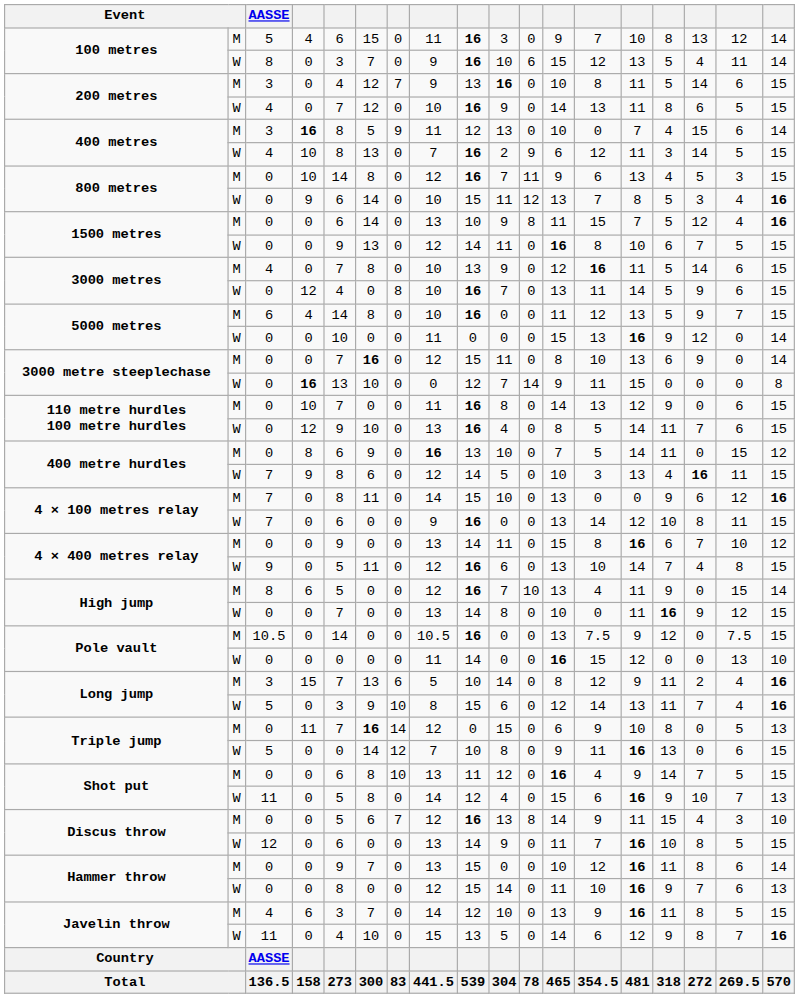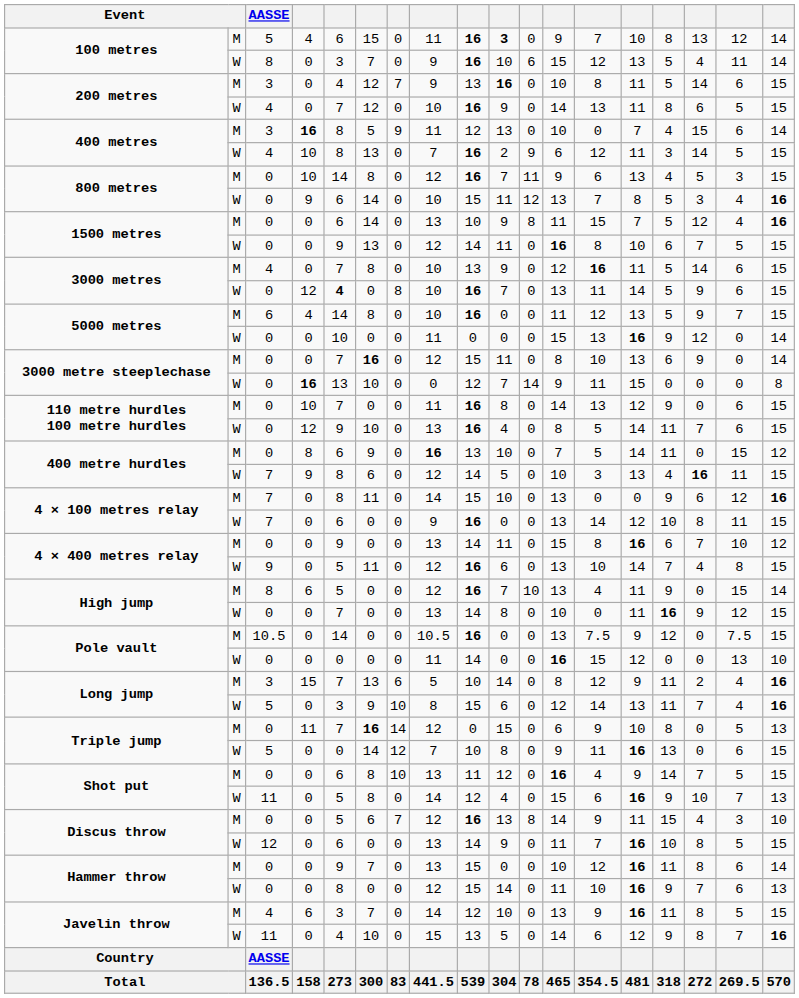 <table class="wikitable sortable" style="background-color: #f9f9f9; font-size: 90%; text-align: center">
 <tr>
 <th width=200 colspan=2>Event</th>
 <th> <a href='#'>AASSE</a></th>
 <th></th>
 <th></th>
 <th></th>
 <th></th>
 <th></th>
 <th></th>
 <th></th>
 <th></th>
 <th></th>
 <th></th>
 <th></th>
 <th></th>
 <th></th>
 <th></th>
 <th></th>
 </tr>
 <tr>
 <td rowspan=2><strong>100 metres</strong></td>
 <td>M</td>
 <td>5</td>
 <td>4</td>
 <td>6</td>
 <td>15</td>
 <td>0</td>
 <td>11</td>
 <td><strong>16</strong></td>
-<td>3</td>
+<td><strong>3</strong></td>
 <td>0</td>
 <td>9</td>
 <td>7</td>
 <td>10</td>
 <td>8</td>
 <td>13</td>
 <td>12</td>
 <td>14</td>
 </tr>
 <tr>
 <td>W</td>
 <td>8</td>
 <td>0</td>
 <td>3</td>
 <td>7</td>
 <td>0</td>
 <td>9</td>
 <td><strong>16</strong></td>
 <td>10</td>
 <td>6</td>
 <td>15</td>
 <td>12</td>
 <td>13</td>
 <td>5</td>
 <td>4</td>
 <td>11</td>
 <td>14</td>
 </tr>
 <tr>
 <td rowspan=2><strong>200 metres</strong></td>
 <td>M</td>
 <td>3</td>
 <td>0</td>
 <td>4</td>
 <td>12</td>
 <td>7</td>
 <td>9</td>
 <td>13</td>
 <td><strong>16</strong></td>
 <td>0</td>
 <td>10</td>
 <td>8</td>
 <td>11</td>
 <td>5</td>
 <td>14</td>
 <td>6</td>
 <td>15</td>
 </tr>
 <tr>
 <td>W</td>
 <td>4</td>
 <td>0</td>
 <td>7</td>
 <td>12</td>
 <td>0</td>
 <td>10</td>
 <td><strong>16</strong></td>
 <td>9</td>
 <td>0</td>
 <td>14</td>
 <td>13</td>
 <td>11</td>
 <td>8</td>
 <td>6</td>
 <td>5</td>
 <td>15</td>
 </tr>
 <tr>
 <td rowspan=2><strong>400 metres</strong></td>
 <td>M</td>
 <td>3</td>
 <td><strong>16</strong></td>
 <td>8</td>
 <td>5</td>
 <td>9</td>
 <td>11</td>
 <td>12</td>
 <td>13</td>
 <td>0</td>
 <td>10</td>
 <td>0</td>
 <td>7</td>
 <td>4</td>
 <td>15</td>
 <td>6</td>
 <td>14</td>
 </tr>
 <tr>
 <td>W</td>
 <td>4</td>
 <td>10</td>
 <td>8</td>
 <td>13</td>
 <td>0</td>
 <td>7</td>
 <td><strong>16</strong></td>
 <td>2</td>
 <td>9</td>
 <td>6</td>
 <td>12</td>
 <td>11</td>
 <td>3</td>
 <td>14</td>
 <td>5</td>
 <td>15</td>
 </tr>
 <tr>
 <td rowspan=2><strong>800 metres</strong></td>
 <td>M</td>
 <td>0</td>
 <td>10</td>
 <td>14</td>
 <td>8</td>
 <td>0</td>
 <td>12</td>
 <td><strong>16</strong></td>
 <td>7</td>
 <td>11</td>
 <td>9</td>
 <td>6</td>
 <td>13</td>
 <td>4</td>
 <td>5</td>
 <td>3</td>
 <td>15</td>
 </tr>
 <tr>
 <td>W</td>
 <td>0</td>
 <td>9</td>
 <td>6</td>
 <td>14</td>
 <td>0</td>
 <td>10</td>
 <td>15</td>
 <td>11</td>
 <td>12</td>
 <td>13</td>
 <td>7</td>
 <td>8</td>
 <td>5</td>
 <td>3</td>
 <td>4</td>
 <td><strong>16</strong></td>
 </tr>
 <tr>
 <td rowspan=2><strong>1500 metres</strong></td>
 <td>M</td>
 <td>0</td>
 <td>0</td>
 <td>6</td>
 <td>14</td>
 <td>0</td>
 <td>13</td>
 <td>10</td>
 <td>9</td>
 <td>8</td>
 <td>11</td>
 <td>15</td>
 <td>7</td>
 <td>5</td>
 <td>12</td>
 <td>4</td>
 <td><strong>16</strong></td>
 </tr>
 <tr>
 <td>W</td>
 <td>0</td>
 <td>0</td>
 <td>9</td>
 <td>13</td>
 <td>0</td>
 <td>12</td>
 <td>14</td>
 <td>11</td>
 <td>0</td>
 <td><strong>16</strong></td>
 <td>8</td>
 <td>10</td>
 <td>6</td>
 <td>7</td>
 <td>5</td>
 <td>15</td>
 </tr>
 <tr>
 <td rowspan=2><strong>3000 metres</strong></td>
 <td>M</td>
 <td>4</td>
 <td>0</td>
 <td>7</td>
 <td>8</td>
 <td>0</td>
 <td>10</td>
 <td>13</td>
 <td>9</td>
 <td>0</td>
 <td>12</td>
 <td><strong>16</strong></td>
 <td>11</td>
 <td>5</td>
 <td>14</td>
 <td>6</td>
 <td>15</td>
 </tr>
 <tr>
 <td>W</td>
 <td>0</td>
 <td>12</td>
-<td>4</td>
+<td><strong>4</strong></td>
 <td>0</td>
 <td>8</td>
 <td>10</td>
 <td><strong>16</strong></td>
 <td>7</td>
 <td>0</td>
 <td>13</td>
 <td>11</td>
 <td>14</td>
 <td>5</td>
 <td>9</td>
 <td>6</td>
 <td>15</td>
 </tr>
 <tr>
 <td rowspan=2><strong>5000 metres</strong></td>
 <td>M</td>
 <td>6</td>
 <td>4</td>
 <td>14</td>
 <td>8</td>
 <td>0</td>
 <td>10</td>
 <td><strong>16</strong></td>
 <td>0</td>
 <td>0</td>
 <td>11</td>
 <td>12</td>
 <td>13</td>
 <td>5</td>
 <td>9</td>
 <td>7</td>
 <td>15</td>
 </tr>
 <tr>
 <td>W</td>
 <td>0</td>
 <td>0</td>
 <td>10</td>
 <td>0</td>
 <td>0</td>
 <td>11</td>
 <td>0</td>
 <td>0</td>
 <td>0</td>
 <td>15</td>
 <td>13</td>
 <td><strong>16</strong></td>
 <td>9</td>
 <td>12</td>
 <td>0</td>
 <td>14</td>
 </tr>
 <tr>
 <td rowspan=2><strong>3000 metre steeplechase</strong></td>
 <td>M</td>
 <td>0</td>
 <td>0</td>
 <td>7</td>
 <td><strong>16</strong></td>
 <td>0</td>
 <td>12</td>
 <td>15</td>
 <td>11</td>
 <td>0</td>
 <td>8</td>
 <td>10</td>
 <td>13</td>
 <td>6</td>
 <td>9</td>
 <td>0</td>
 <td>14</td>
 </tr>
 <tr>
 <td>W</td>
 <td>0</td>
 <td><strong>16</strong></td>
 <td>13</td>
 <td>10</td>
 <td>0</td>
 <td>0</td>
 <td>12</td>
 <td>7</td>
 <td>14</td>
 <td>9</td>
 <td>11</td>
 <td>15</td>
 <td>0</td>
 <td>0</td>
 <td>0</td>
 <td>8</td>
 </tr>
 <tr>
 <td rowspan=2><strong>110 metre hurdles<br>100 metre hurdles</strong></td>
 <td>M</td>
 <td>0</td>
 <td>10</td>
 <td>7</td>
 <td>0</td>
 <td>0</td>
 <td>11</td>
 <td><strong>16</strong></td>
 <td>8</td>
 <td>0</td>
 <td>14</td>
 <td>13</td>
 <td>12</td>
 <td>9</td>
 <td>0</td>
 <td>6</td>
 <td>15</td>
 </tr>
 <tr>
 <td>W</td>
 <td>0</td>
 <td>12</td>
 <td>9</td>
 <td>10</td>
 <td>0</td>
 <td>13</td>
 <td><strong>16</strong></td>
 <td>4</td>
 <td>0</td>
 <td>8</td>
 <td>5</td>
 <td>14</td>
 <td>11</td>
 <td>7</td>
 <td>6</td>
 <td>15</td>
 </tr>
 <tr>
 <td rowspan=2><strong>400 metre hurdles</strong></td>
 <td>M</td>
 <td>0</td>
 <td>8</td>
 <td>6</td>
 <td>9</td>
 <td>0</td>
 <td><strong>16</strong></td>
 <td>13</td>
 <td>10</td>
 <td>0</td>
 <td>7</td>
 <td>5</td>
 <td>14</td>
 <td>11</td>
 <td>0</td>
 <td>15</td>
 <td>12</td>
 </tr>
 <tr>
 <td>W</td>
 <td>7</td>
 <td>9</td>
 <td>8</td>
 <td>6</td>
 <td>0</td>
 <td>12</td>
 <td>14</td>
 <td>5</td>
 <td>0</td>
 <td>10</td>
 <td>3</td>
 <td>13</td>
 <td>4</td>
 <td><strong>16</strong></td>
 <td>11</td>
 <td>15</td>
 </tr>
 <tr>
 <td rowspan=2><strong> 4 × 100 metres relay</strong></td>
 <td>M</td>
 <td>7</td>
 <td>0</td>
 <td>8</td>
 <td>11</td>
 <td>0</td>
 <td>14</td>
 <td>15</td>
 <td>10</td>
 <td>0</td>
 <td>13</td>
 <td>0</td>
 <td>0</td>
 <td>9</td>
 <td>6</td>
 <td>12</td>
 <td><strong>16</strong></td>
 </tr>
 <tr>
 <td>W</td>
 <td>7</td>
 <td>0</td>
 <td>6</td>
 <td>0</td>
 <td>0</td>
 <td>9</td>
 <td><strong>16</strong></td>
 <td>0</td>
 <td>0</td>
 <td>13</td>
 <td>14</td>
 <td>12</td>
 <td>10</td>
 <td>8</td>
 <td>11</td>
 <td>15</td>
 </tr>
 <tr>
 <td rowspan=2><strong>4 × 400 metres relay</strong></td>
 <td>M</td>
 <td>0</td>
 <td>0</td>
 <td>9</td>
 <td>0</td>
 <td>0</td>
 <td>13</td>
 <td>14</td>
 <td>11</td>
 <td>0</td>
 <td>15</td>
 <td>8</td>
 <td><strong>16</strong></td>
 <td>6</td>
 <td>7</td>
 <td>10</td>
 <td>12</td>
 </tr>
 <tr>
 <td>W</td>
 <td>9</td>
 <td>0</td>
 <td>5</td>
 <td>11</td>
 <td>0</td>
 <td>12</td>
 <td><strong>16</strong></td>
 <td>6</td>
 <td>0</td>
 <td>13</td>
 <td>10</td>
 <td>14</td>
 <td>7</td>
 <td>4</td>
 <td>8</td>
 <td>15</td>
 </tr>
 <tr>
 <td rowspan=2><strong>High jump</strong></td>
 <td>M</td>
 <td>8</td>
 <td>6</td>
 <td>5</td>
 <td>0</td>
 <td>0</td>
 <td>12</td>
 <td><strong>16</strong></td>
 <td>7</td>
 <td>10</td>
 <td>13</td>
 <td>4</td>
 <td>11</td>
 <td>9</td>
 <td>0</td>
 <td>15</td>
 <td>14</td>
 </tr>
 <tr>
 <td>W</td>
 <td>0</td>
 <td>0</td>
 <td>7</td>
 <td>0</td>
 <td>0</td>
 <td>13</td>
 <td>14</td>
 <td>8</td>
 <td>0</td>
 <td>10</td>
 <td>0</td>
 <td>11</td>
 <td><strong>16</strong></td>
 <td>9</td>
 <td>12</td>
 <td>15</td>
 </tr>
 <tr>
 <td rowspan=2><strong>Pole vault</strong></td>
 <td>M</td>
 <td>10.5</td>
 <td>0</td>
 <td>14</td>
 <td>0</td>
 <td>0</td>
 <td>10.5</td>
 <td><strong>16</strong></td>
 <td>0</td>
 <td>0</td>
 <td>13</td>
 <td>7.5</td>
 <td>9</td>
 <td>12</td>
 <td>0</td>
 <td>7.5</td>
 <td>15</td>
 </tr>
 <tr>
 <td>W</td>
 <td>0</td>
 <td>0</td>
 <td>0</td>
 <td>0</td>
 <td>0</td>
 <td>11</td>
 <td>14</td>
 <td>0</td>
 <td>0</td>
 <td><strong>16</strong></td>
 <td>15</td>
 <td>12</td>
 <td>0</td>
 <td>0</td>
 <td>13</td>
 <td>10</td>
 </tr>
 <tr>
 <td rowspan=2><strong>Long jump</strong></td>
 <td>M</td>
 <td>3</td>
 <td>15</td>
 <td>7</td>
 <td>13</td>
 <td>6</td>
 <td>5</td>
 <td>10</td>
 <td>14</td>
 <td>0</td>
 <td>8</td>
 <td>12</td>
 <td>9</td>
 <td>11</td>
 <td>2</td>
 <td>4</td>
 <td><strong>16</strong></td>
 </tr>
 <tr>
 <td>W</td>
 <td>5</td>
 <td>0</td>
 <td>3</td>
 <td>9</td>
 <td>10</td>
 <td>8</td>
 <td>15</td>
 <td>6</td>
 <td>0</td>
 <td>12</td>
 <td>14</td>
 <td>13</td>
 <td>11</td>
 <td>7</td>
 <td>4</td>
 <td><strong>16</strong></td>
 </tr>
 <tr>
 <td rowspan=2><strong>Triple jump</strong></td>
 <td>M</td>
 <td>0</td>
 <td>11</td>
 <td>7</td>
 <td><strong>16</strong></td>
 <td>14</td>
 <td>12</td>
 <td>0</td>
 <td>15</td>
 <td>0</td>
 <td>6</td>
 <td>9</td>
 <td>10</td>
 <td>8</td>
 <td>0</td>
 <td>5</td>
 <td>13</td>
 </tr>
 <tr>
 <td>W</td>
 <td>5</td>
 <td>0</td>
 <td>0</td>
 <td>14</td>
 <td>12</td>
 <td>7</td>
 <td>10</td>
 <td>8</td>
 <td>0</td>
 <td>9</td>
 <td>11</td>
 <td><strong>16</strong></td>
 <td>13</td>
 <td>0</td>
 <td>6</td>
 <td>15</td>
 </tr>
 <tr>
 <td rowspan=2><strong>Shot put</strong></td>
 <td>M</td>
 <td>0</td>
 <td>0</td>
 <td>6</td>
 <td>8</td>
 <td>10</td>
 <td>13</td>
 <td>11</td>
 <td>12</td>
 <td>0</td>
 <td><strong>16</strong></td>
 <td>4</td>
 <td>9</td>
 <td>14</td>
 <td>7</td>
 <td>5</td>
 <td>15</td>
 </tr>
 <tr>
 <td>W</td>
 <td>11</td>
 <td>0</td>
 <td>5</td>
 <td>8</td>
 <td>0</td>
 <td>14</td>
 <td>12</td>
 <td>4</td>
 <td>0</td>
 <td>15</td>
 <td>6</td>
 <td><strong>16</strong></td>
 <td>9</td>
 <td>10</td>
 <td>7</td>
 <td>13</td>
 </tr>
 <tr>
 <td rowspan=2><strong>Discus throw</strong></td>
 <td>M</td>
 <td>0</td>
 <td>0</td>
 <td>5</td>
 <td>6</td>
 <td>7</td>
 <td>12</td>
 <td><strong>16</strong></td>
 <td>13</td>
 <td>8</td>
 <td>14</td>
 <td>9</td>
 <td>11</td>
 <td>15</td>
 <td>4</td>
 <td>3</td>
 <td>10</td>
 </tr>
 <tr>
 <td>W</td>
 <td>12</td>
 <td>0</td>
 <td>6</td>
 <td>0</td>
 <td>0</td>
 <td>13</td>
 <td>14</td>
 <td>9</td>
 <td>0</td>
 <td>11</td>
 <td>7</td>
 <td><strong>16</strong></td>
 <td>10</td>
 <td>8</td>
 <td>5</td>
 <td>15</td>
 </tr>
 <tr>
 <td rowspan=2><strong>Hammer throw</strong></td>
 <td>M</td>
 <td>0</td>
 <td>0</td>
 <td>9</td>
 <td>7</td>
 <td>0</td>
 <td>13</td>
 <td>15</td>
 <td>0</td>
 <td>0</td>
 <td>10</td>
 <td>12</td>
 <td><strong>16</strong></td>
 <td>11</td>
 <td>8</td>
 <td>6</td>
 <td>14</td>
 </tr>
 <tr>
 <td>W</td>
 <td>0</td>
 <td>0</td>
 <td>8</td>
 <td>0</td>
 <td>0</td>
 <td>12</td>
 <td>15</td>
 <td>14</td>
 <td>0</td>
 <td>11</td>
 <td>10</td>
 <td><strong>16</strong></td>
 <td>9</td>
 <td>7</td>
 <td>6</td>
 <td>13</td>
 </tr>
 <tr>
 <td rowspan=2><strong>Javelin throw</strong></td>
 <td>M</td>
 <td>4</td>
 <td>6</td>
 <td>3</td>
 <td>7</td>
 <td>0</td>
 <td>14</td>
 <td>12</td>
 <td>10</td>
 <td>0</td>
 <td>13</td>
 <td>9</td>
 <td><strong>16</strong></td>
 <td>11</td>
 <td>8</td>
 <td>5</td>
 <td>15</td>
 </tr>
 <tr>
 <td>W</td>
 <td>11</td>
 <td>0</td>
 <td>4</td>
 <td>10</td>
 <td>0</td>
 <td>15</td>
 <td>13</td>
 <td>5</td>
 <td>0</td>
 <td>14</td>
 <td>6</td>
 <td>12</td>
 <td>9</td>
 <td>8</td>
 <td>7</td>
 <td><strong>16</strong></td>
 </tr>
 <tr>
 <th colspan=2>Country</th>
 <th> <a href='#'>AASSE</a></th>
 <th></th>
 <th></th>
 <th></th>
 <th></th>
 <th></th>
 <th></th>
 <th></th>
 <th></th>
 <th></th>
 <th></th>
 <th></th>
 <th></th>
 <th></th>
 <th></th>
 <th></th>
 </tr>
 <tr>
 <th colspan=2>Total</th>
 <th>136.5</th>
 <th>158</th>
 <th>273</th>
 <th>300</th>
 <th>83</th>
 <th>441.5</th>
 <th>539</th>
 <th>304</th>
 <th>78</th>
 <th>465</th>
 <th>354.5</th>
 <th>481</th>
 <th>318</th>
 <th>272</th>
 <th>269.5</th>
 <th>570</th>
 </tr>
 </table>
